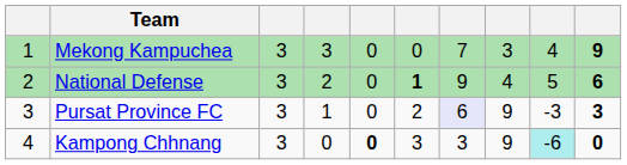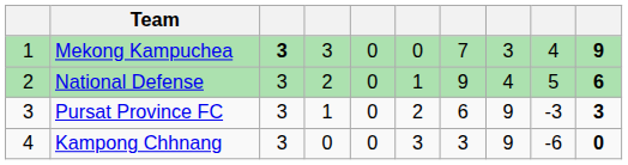 <table class="wikitable" style="text-align: center;">
 <tr>
 <th width=30></th>
 <th width=165>Team</th>
 <th width=30></th>
 <th width=30></th>
 <th width=30></th>
 <th width=30></th>
 <th width=30></th>
 <th width=30></th>
 <th width=30></th>
 <th width=30></th>
 </tr>
 <tr style="background:#ace1af;">
 <td>1</td>
 <td align=left><a href='#'>Mekong Kampuchea</a></td>
-<td>3</td>
+<td><strong>3</strong></td>
 <td>3</td>
 <td>0</td>
 <td>0</td>
 <td>7</td>
 <td>3</td>
 <td>4</td>
 <td><strong>9</strong></td>
 </tr>
 <tr style="background:#ace1af;">
 <td>2</td>
 <td align=left><a href='#'>National Defense</a></td>
 <td>3</td>
 <td>2</td>
 <td>0</td>
-<td><strong>1</strong></td>
+<td>1</td>
 <td>9</td>
 <td>4</td>
 <td>5</td>
 <td><strong>6</strong></td>
 </tr>
 <tr>
 <td>3</td>
 <td align=left><a href='#'>Pursat Province FC</a></td>
 <td>3</td>
 <td>1</td>
 <td>0</td>
 <td>2</td>
-<td style="background: lavender;">6</td>
+<td>6</td>
 <td>9</td>
 <td>-3</td>
 <td><strong>3</strong></td>
 </tr>
 <tr>
 <td>4</td>
 <td align=left><a href='#'>Kampong Chhnang</a></td>
 <td>3</td>
 <td>0</td>
-<td><strong>0</strong></td>
+<td>0</td>
 <td>3</td>
 <td>3</td>
 <td>9</td>
-<td style="background: paleturquoise;">-6</td>
+<td>-6</td>
 <td><strong>0</strong></td>
 </tr>
 </table>
